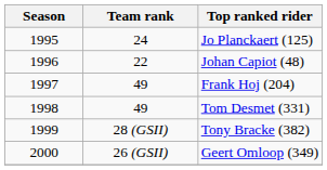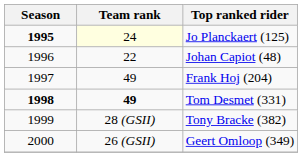 <table class="wikitable" style="text-align:center;">
 <tr>
 <th width=80>Season</th>
 <th width=120>Team rank</th>
 <th>Top ranked rider</th>
 </tr>
 <tr>
-<td>1995</td>
-<td>24</td>
+<td><strong>1995</strong></td>
+<td style="background: lightyellow;">24</td>
 <td align=left> <a href='#'>Jo Planckaert</a> (125)</td>
 </tr>
 <tr>
 <td>1996</td>
 <td>22</td>
 <td align=left> <a href='#'>Johan Capiot</a> (48)</td>
 </tr>
 <tr>
 <td>1997</td>
 <td>49</td>
 <td align=left> <a href='#'>Frank Hoj</a> (204)</td>
 </tr>
 <tr>
-<td>1998</td>
-<td>49</td>
+<td><strong>1998</strong></td>
+<td><strong>49</strong></td>
 <td align=left> <a href='#'>Tom Desmet</a> (331)</td>
 </tr>
 <tr>
 <td>1999</td>
 <td>28 <em>(GSII)</em></td>
 <td align=left> <a href='#'>Tony Bracke</a> (382)</td>
 </tr>
 <tr>
 <td>2000</td>
 <td>26 <em>(GSII)</em></td>
 <td align=left> <a href='#'>Geert Omloop</a> (349)</td>
 </tr>
 <tr>
 </tr>
 </table>
